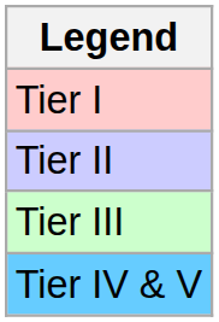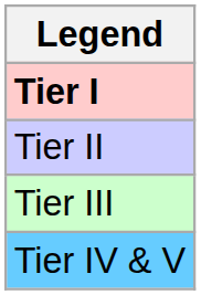 <table class="wikitable" style="font-size:90%;">
 <tr>
 <th>Legend</th>
 </tr>
 <tr style="background:#fcc;">
-<td>Tier I</td>
+<td><strong>Tier I</strong></td>
 </tr>
 <tr style="background:#ccf;">
 <td>Tier II</td>
 </tr>
 <tr style="background:#cfc;">
 <td>Tier III</td>
 </tr>
 <tr style="background:#6cf;">
 <td>Tier IV & V</td>
 </tr>
 </table>
